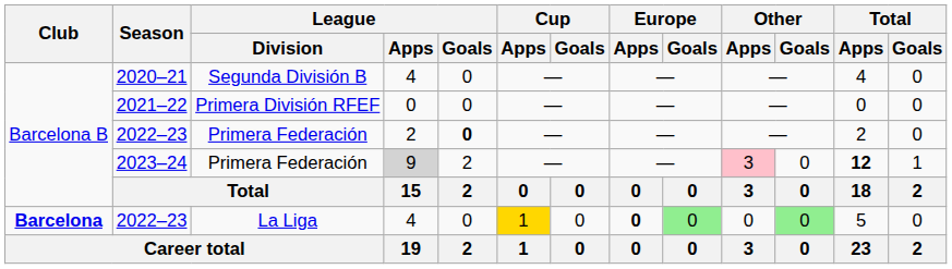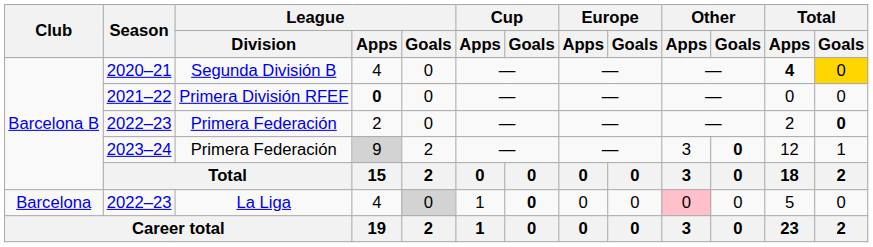 <table class="wikitable" style="text-align: center">
 <tr>
 <th rowspan="2">Club</th>
 <th rowspan="2">Season</th>
 <th colspan="3">League</th>
 <th colspan="2">Cup</th>
 <th colspan="2">Europe</th>
 <th colspan="2">Other</th>
 <th colspan="2">Total</th>
 </tr>
 <tr>
 <th>Division</th>
 <th>Apps</th>
 <th>Goals</th>
 <th>Apps</th>
 <th>Goals</th>
 <th>Apps</th>
 <th>Goals</th>
 <th>Apps</th>
 <th>Goals</th>
 <th>Apps</th>
 <th>Goals</th>
 </tr>
 <tr>
 <td rowspan="5"><a href='#'>Barcelona B</a></td>
 <td><a href='#'>2020–21</a></td>
 <td><a href='#'>Segunda División B</a></td>
 <td>4</td>
 <td>0</td>
 <td colspan="2">—</td>
 <td colspan="2">—</td>
 <td colspan="2">—</td>
-<td>4</td>
-<td>0</td>
+<td><strong>4</strong></td>
+<td style="background: gold;">0</td>
 </tr>
 <tr>
 <td><a href='#'>2021–22</a></td>
 <td><a href='#'>Primera División RFEF</a></td>
-<td>0</td>
+<td><strong>0</strong></td>
 <td>0</td>
 <td colspan="2">—</td>
 <td colspan="2">—</td>
 <td colspan="2">—</td>
 <td>0</td>
 <td>0</td>
 </tr>
 <tr>
 <td><a href='#'>2022–23</a></td>
 <td><a href='#'>Primera Federación</a></td>
 <td>2</td>
-<td><strong>0</strong></td>
+<td>0</td>
 <td colspan="2">—</td>
 <td colspan="2">—</td>
 <td colspan="2">—</td>
 <td>2</td>
-<td>0</td>
+<td><strong>0</strong></td>
 </tr>
 <tr>
 <td><a href='#'>2023–24</a></td>
 <td>Primera Federación</td>
 <td style="background: lightgrey;">9</td>
 <td>2</td>
 <td colspan="2">—</td>
 <td colspan="2">—</td>
-<td style="background: pink;">3</td>
-<td>0</td>
-<td><strong>12</strong></td>
+<td>3</td>
+<td><strong>0</strong></td>
+<td>12</td>
 <td>1</td>
 </tr>
 <tr>
 <th colspan="2">Total</th>
 <th>15</th>
 <th>2</th>
 <th>0</th>
 <th>0</th>
 <th>0</th>
 <th>0</th>
 <th>3</th>
 <th>0</th>
 <th>18</th>
 <th>2</th>
 </tr>
 <tr>
-<td><strong><a href='#'>Barcelona</a></strong></td>
+<td><a href='#'>Barcelona</a></td>
 <td><a href='#'>2022–23</a></td>
 <td><a href='#'>La Liga</a></td>
 <td>4</td>
+<td style="background: lightgrey;">0</td>
+<td>1</td>
+<td><strong>0</strong></td>
 <td>0</td>
-<td style="background: gold;">1</td>
 <td>0</td>
-<td><strong>0</strong></td>
-<td style="background: lightgreen;">0</td>
+<td style="background: pink;">0</td>
 <td>0</td>
-<td style="background: lightgreen;">0</td>
 <td>5</td>
 <td>0</td>
 </tr>
 <tr>
 <th colspan="3">Career total</th>
 <th>19</th>
 <th>2</th>
 <th>1</th>
 <th>0</th>
 <th>0</th>
 <th>0</th>
 <th>3</th>
 <th>0</th>
 <th>23</th>
 <th>2</th>
 </tr>
 </table>
